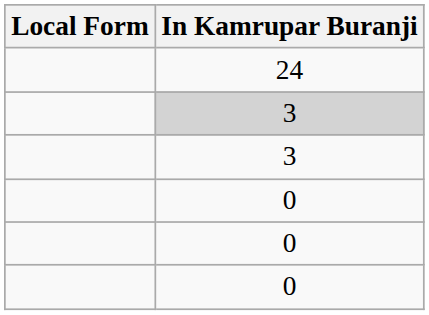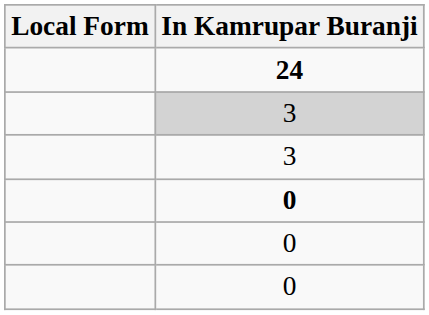 <table class="wikitable">
 <tr>
 <th>Local Form</th>
 <th>In Kamrupar Buranji</th>
 </tr>
 <tr style="text-align:center">
 <td></td>
-<td>24</td>
+<td><strong>24</strong></td>
 </tr>
 <tr style="text-align:center">
 <td></td>
 <td style="background: lightgrey;">3</td>
 </tr>
 <tr style="text-align:center">
 <td></td>
 <td>3</td>
 </tr>
 <tr style="text-align:center">
 <td></td>
-<td>0</td>
+<td><strong>0</strong></td>
 </tr>
 <tr style="text-align:center">
 <td></td>
 <td>0</td>
 </tr>
 <tr style="text-align:center">
 <td></td>
 <td>0</td>
 </tr>
 </table>
